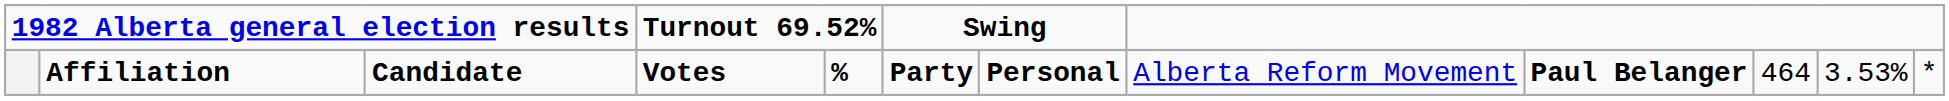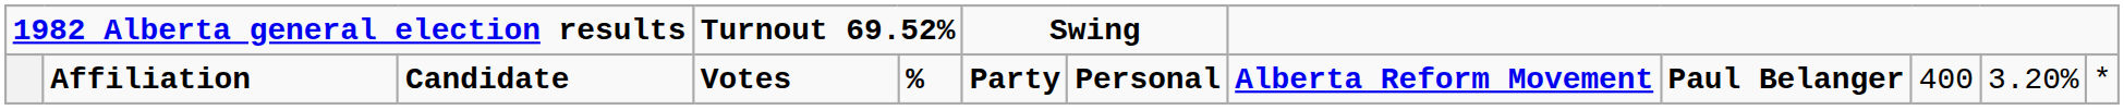 <table class="wikitable">
 <tr>
 <td colspan="3" align=center><strong><a href='#'>1982 Alberta general election</a> results</strong></td>
 <td colspan="2"><strong>Turnout 69.52%</strong></td>
 <td colspan="2" align=center><strong>Swing</strong></td>
 </tr>
 <tr>
 <th style="width: 10px;"></th>
 <td><strong>Affiliation</strong></td>
 <td><strong>Candidate</strong></td>
 <td><strong>Votes</strong></td>
 <td><strong>%</strong></td>
 <td><strong>Party</strong></td>
 <td><strong>Personal</strong><br>    </td>
-<td><a href='#'>Alberta Reform Movement</a></td>
+<td><strong><a href='#'>Alberta Reform Movement</a></strong></td>
 <td><strong>Paul Belanger</strong></td>
-<td>464</td>
-<td>3.53%</td>
+<td>400</td>
+<td>3.20%</td>
 <td colspan=2 align=center>*<br>   </td>
 </tr>
 </table>
